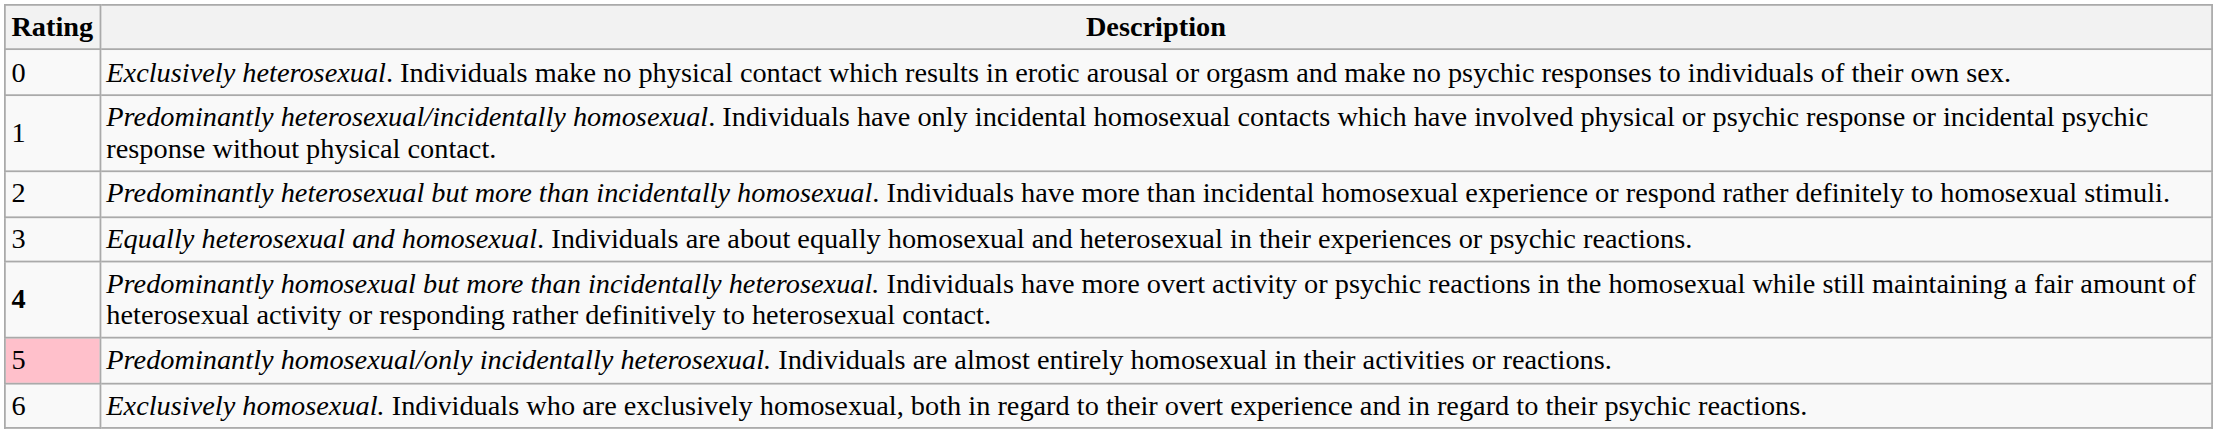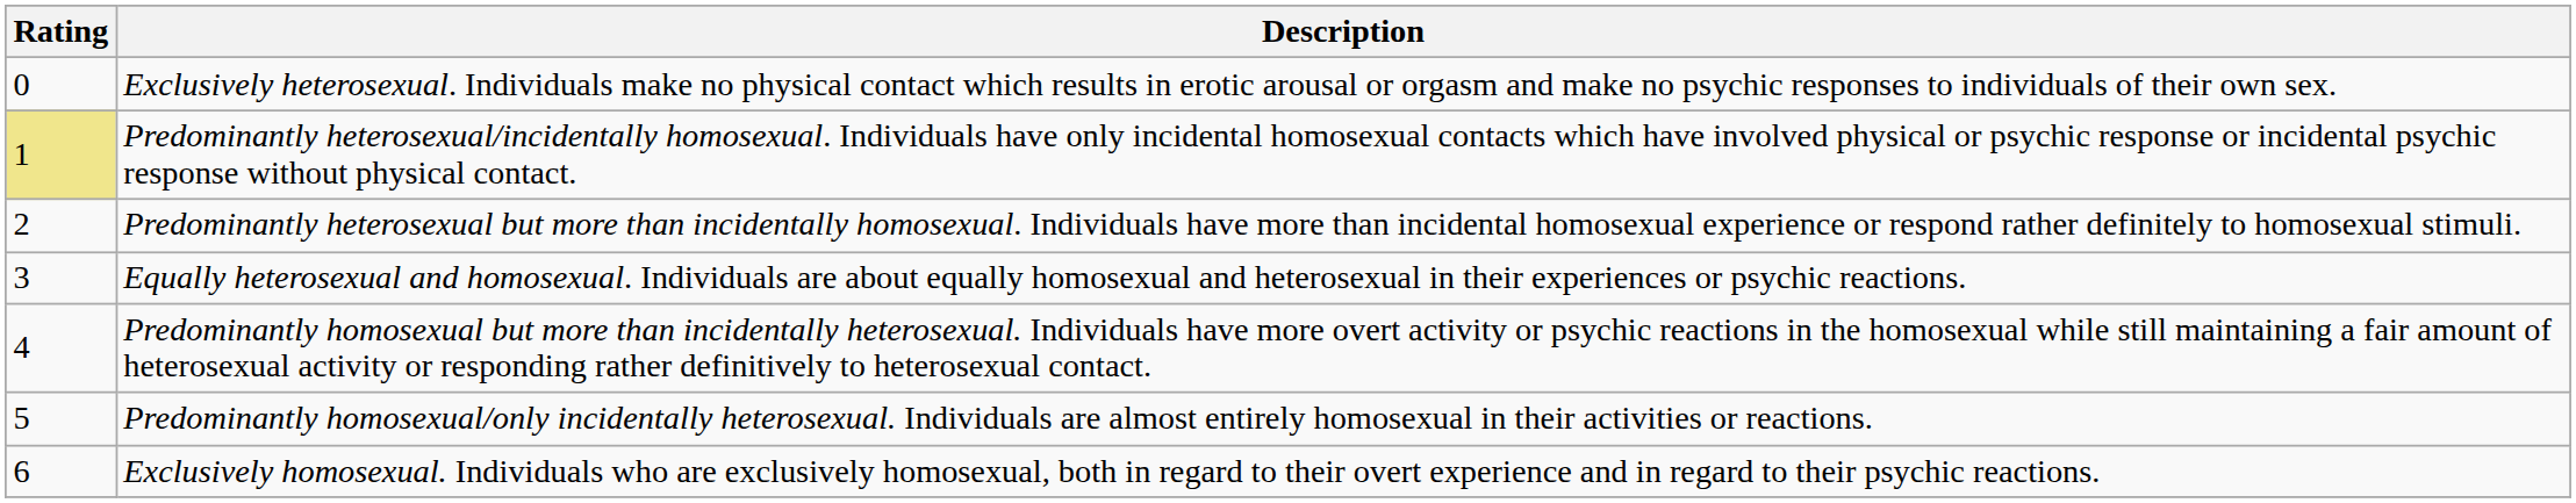 <table class="wikitable">
 <tr>
 <th>Rating</th>
 <th>Description</th>
 </tr>
 <tr>
 <td>0</td>
 <td><em>Exclusively heterosexual</em>. Individuals make no physical contact which results in erotic arousal or orgasm and make no psychic responses to individuals of their own sex.</td>
 </tr>
 <tr>
-<td>1</td>
+<td style="background: khaki;">1</td>
 <td><em>Predominantly heterosexual/incidentally homosexual</em>. Individuals have only incidental homosexual contacts which have involved physical or psychic response or incidental psychic response without physical contact.</td>
 </tr>
 <tr>
 <td>2</td>
 <td><em>Predominantly heterosexual but more than incidentally homosexual</em>. Individuals have more than incidental homosexual experience or respond rather definitely to homosexual stimuli.</td>
 </tr>
 <tr>
 <td>3</td>
 <td><em>Equally heterosexual and homosexual</em>. Individuals are about equally homosexual and heterosexual in their experiences or psychic reactions.</td>
 </tr>
 <tr>
-<td><strong>4</strong></td>
+<td>4</td>
 <td><em>Predominantly homosexual but more than incidentally heterosexual.</em> Individuals have more overt activity or psychic reactions in the homosexual while still maintaining a fair amount of heterosexual activity or responding rather definitively to heterosexual contact.</td>
 </tr>
 <tr>
-<td style="background: pink;">5</td>
+<td>5</td>
 <td><em>Predominantly homosexual/only incidentally heterosexual.</em> Individuals are almost entirely homosexual in their activities or reactions.</td>
 </tr>
 <tr>
 <td>6</td>
 <td><em>Exclusively homosexual.</em> Individuals who are exclusively homosexual, both in regard to their overt experience and in regard to their psychic reactions.</td>
 </tr>
 </table>
